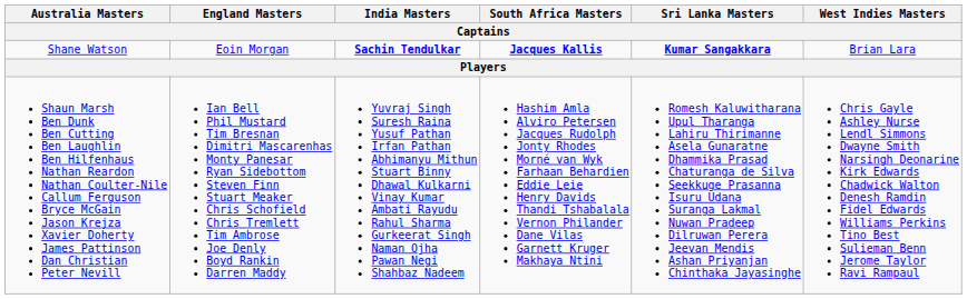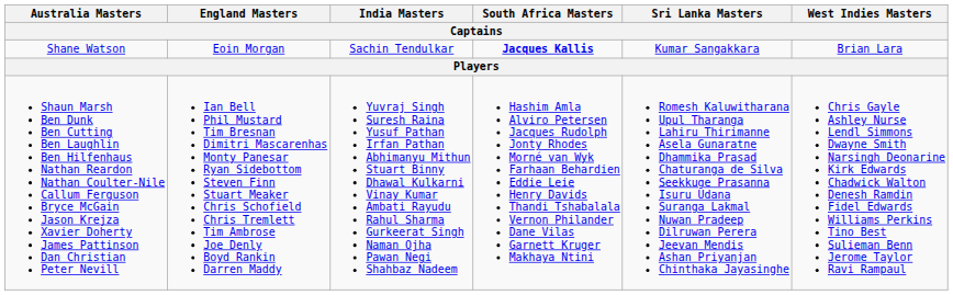 <table class="wikitable">
 <tr>
 <th>Australia Masters </th>
 <th>England Masters</th>
 <th>India Masters </th>
 <th>South Africa Masters </th>
 <th>Sri Lanka Masters </th>
 <th>West Indies Masters </th>
 </tr>
 <tr>
 <th colspan=6>Captains</th>
 </tr>
 <tr>
 <td style="text-align: center"><a href='#'>Shane Watson</a></td>
 <td style="text-align: center"><a href='#'>Eoin Morgan</a></td>
-<td style="text-align: center"><strong><a href='#'>Sachin Tendulkar</a></strong></td>
+<td style="text-align: center"><a href='#'>Sachin Tendulkar</a></td>
 <td style="text-align: center"><strong><a href='#'>Jacques Kallis</a></strong></td>
-<td style="text-align: center"><strong><a href='#'>Kumar Sangakkara</a></strong></td>
+<td style="text-align: center"><a href='#'>Kumar Sangakkara</a></td>
 <td style="text-align: center"><a href='#'>Brian Lara</a></td>
 </tr>
 <tr>
 <th colspan="6">Players</th>
 </tr>
 <tr>
 <td valign=top><br><ul><li><a href='#'>Shaun Marsh</a></li><li><a href='#'>Ben Dunk</a></li><li><a href='#'>Ben Cutting</a></li><li><a href='#'>Ben Laughlin</a></li><li><a href='#'>Ben Hilfenhaus</a></li><li><a href='#'>Nathan Reardon</a></li><li><a href='#'>Nathan Coulter-Nile</a></li><li><a href='#'>Callum Ferguson</a></li><li><a href='#'>Bryce McGain</a></li><li><a href='#'>Jason Krejza</a></li><li><a href='#'>Xavier Doherty</a></li><li><a href='#'>James Pattinson</a></li><li><a href='#'>Dan Christian</a></li><li><a href='#'>Peter Nevill</a></li></ul></td>
 <td valign=top><br><ul><li><a href='#'>Ian Bell</a></li><li><a href='#'>Phil Mustard</a></li><li><a href='#'>Tim Bresnan</a></li><li><a href='#'>Dimitri Mascarenhas</a></li><li><a href='#'>Monty Panesar</a></li><li><a href='#'>Ryan Sidebottom</a></li><li><a href='#'>Steven Finn</a></li><li><a href='#'>Stuart Meaker</a></li><li><a href='#'>Chris Schofield</a></li><li><a href='#'>Chris Tremlett</a></li><li><a href='#'>Tim Ambrose</a></li><li><a href='#'>Joe Denly</a></li><li><a href='#'>Boyd Rankin</a></li><li><a href='#'>Darren Maddy</a></li></ul></td>
 <td valign=top><br><ul><li><a href='#'>Yuvraj Singh</a></li><li><a href='#'>Suresh Raina</a></li><li><a href='#'>Yusuf Pathan</a></li><li><a href='#'>Irfan Pathan</a></li><li><a href='#'>Abhimanyu Mithun</a></li><li><a href='#'>Stuart Binny</a></li><li><a href='#'>Dhawal Kulkarni</a></li><li><a href='#'>Vinay Kumar</a></li><li><a href='#'>Ambati Rayudu</a></li><li><a href='#'>Rahul Sharma</a></li><li><a href='#'>Gurkeerat Singh</a></li><li><a href='#'>Naman Ojha</a></li><li><a href='#'>Pawan Negi</a></li><li><a href='#'>Shahbaz Nadeem</a></li></ul></td>
 <td valign=top><br><ul><li><a href='#'>Hashim Amla</a></li><li><a href='#'>Alviro Petersen</a></li><li><a href='#'>Jacques Rudolph</a></li><li><a href='#'>Jonty Rhodes</a></li><li><a href='#'>Morné van Wyk</a></li><li><a href='#'>Farhaan Behardien</a></li><li><a href='#'>Eddie Leie</a></li><li><a href='#'>Henry Davids</a></li><li><a href='#'>Thandi Tshabalala</a></li><li><a href='#'>Vernon Philander</a></li><li><a href='#'>Dane Vilas</a></li><li><a href='#'>Garnett Kruger</a></li><li><a href='#'>Makhaya Ntini</a></li></ul></td>
 <td valign=top><br><ul><li><a href='#'>Romesh Kaluwitharana</a></li><li><a href='#'>Upul Tharanga</a></li><li><a href='#'>Lahiru Thirimanne</a></li><li><a href='#'>Asela Gunaratne</a></li><li><a href='#'>Dhammika Prasad</a></li><li><a href='#'>Chaturanga de Silva</a></li><li><a href='#'>Seekkuge Prasanna</a></li><li><a href='#'>Isuru Udana</a></li><li><a href='#'>Suranga Lakmal</a></li><li><a href='#'>Nuwan Pradeep</a></li><li><a href='#'>Dilruwan Perera</a></li><li><a href='#'>Jeevan Mendis</a></li><li><a href='#'>Ashan Priyanjan</a></li><li><a href='#'>Chinthaka Jayasinghe</a></li></ul></td>
 <td valign=top><br><ul><li><a href='#'>Chris Gayle</a></li><li><a href='#'>Ashley Nurse</a></li><li><a href='#'>Lendl Simmons</a></li><li><a href='#'>Dwayne Smith</a></li><li><a href='#'>Narsingh Deonarine</a></li><li><a href='#'>Kirk Edwards</a></li><li><a href='#'>Chadwick Walton</a></li><li><a href='#'>Denesh Ramdin</a></li><li><a href='#'>Fidel Edwards</a></li><li><a href='#'>Williams Perkins</a></li><li><a href='#'>Tino Best</a></li><li><a href='#'>Sulieman Benn</a></li><li><a href='#'>Jerome Taylor</a></li><li><a href='#'>Ravi Rampaul</a></li></ul></td>
 </tr>
 </table>
